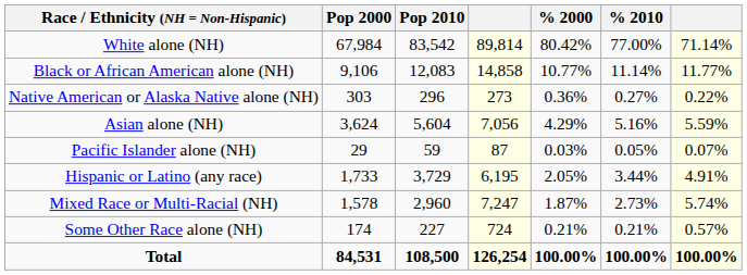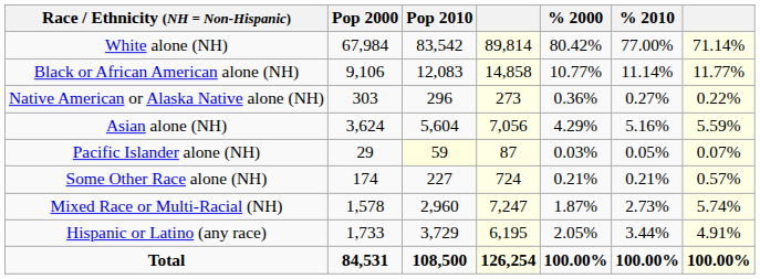 <table class="wikitable" style="text-align:center;">
 <tr>
 <th>Race / Ethnicity <small>(<em>NH = Non-Hispanic</em>)</small></th>
 <th>Pop 2000</th>
 <th>Pop 2010</th>
 <th></th>
 <th>% 2000</th>
 <th>% 2010</th>
 <th></th>
 </tr>
 <tr>
 <td><a href='#'>White</a> alone (NH)</td>
 <td>67,984</td>
 <td>83,542</td>
 <td style='background: #ffffe6;'>89,814</td>
 <td>80.42%</td>
 <td>77.00%</td>
 <td style='background: #ffffe6;'>71.14%</td>
 </tr>
 <tr>
 <td><a href='#'>Black or African American</a> alone (NH)</td>
 <td>9,106</td>
 <td>12,083</td>
 <td style='background: #ffffe6;'>14,858</td>
 <td>10.77%</td>
 <td>11.14%</td>
 <td style='background: #ffffe6;'>11.77%</td>
 </tr>
 <tr>
 <td><a href='#'>Native American</a> or <a href='#'>Alaska Native</a> alone (NH)</td>
 <td>303</td>
 <td>296</td>
 <td style='background: #ffffe6;'>273</td>
 <td>0.36%</td>
 <td>0.27%</td>
 <td style='background: #ffffe6;'>0.22%</td>
 </tr>
 <tr>
 <td><a href='#'>Asian</a> alone (NH)</td>
 <td>3,624</td>
 <td>5,604</td>
 <td style='background: #ffffe6;'>7,056</td>
 <td>4.29%</td>
 <td>5.16%</td>
 <td style='background: #ffffe6;'>5.59%</td>
 </tr>
 <tr>
 <td><a href='#'>Pacific Islander</a> alone (NH)</td>
 <td>29</td>
-<td>59</td>
+<td style="background: lightyellow;">59</td>
 <td style='background: #ffffe6;'>87</td>
 <td>0.03%</td>
 <td>0.05%</td>
 <td style='background: #ffffe6;'>0.07%</td>
+</tr>
+<tr>
+<td><a href='#'>Some Other Race</a> alone (NH)</td>
+<td>174</td>
+<td>227</td>
+<td style='background: #ffffe6;'>724</td>
+<td>0.21%</td>
+<td>0.21%</td>
+<td style='background: #ffffe6;'>0.57%</td>
+</tr>
+<tr>
+<td><a href='#'>Mixed Race or Multi-Racial</a> (NH)</td>
+<td>1,578</td>
+<td>2,960</td>
+<td style='background: #ffffe6;'>7,247</td>
+<td>1.87%</td>
+<td>2.73%</td>
+<td style='background: #ffffe6;'>5.74%</td>
 </tr>
 <tr>
 <td><a href='#'>Hispanic or Latino</a> (any race)</td>
 <td>1,733</td>
 <td>3,729</td>
 <td style='background: #ffffe6;'>6,195</td>
 <td>2.05%</td>
 <td>3.44%</td>
 <td style='background: #ffffe6;'>4.91%</td>
 </tr>
 <tr>
-<td><a href='#'>Mixed Race or Multi-Racial</a> (NH)</td>
-<td>1,578</td>
-<td>2,960</td>
-<td style='background: #ffffe6;'>7,247</td>
-<td>1.87%</td>
-<td>2.73%</td>
-<td style='background: #ffffe6;'>5.74%</td>
-</tr>
-<tr>
-<td><a href='#'>Some Other Race</a> alone (NH)</td>
-<td>174</td>
-<td>227</td>
-<td style='background: #ffffe6;'>724</td>
-<td>0.21%</td>
-<td>0.21%</td>
-<td style='background: #ffffe6;'>0.57%</td>
-</tr>
-<tr>
 <td><strong>Total</strong></td>
 <td><strong>84,531</strong></td>
 <td><strong>108,500</strong></td>
 <td style='background: #ffffe6;'><strong>126,254</strong></td>
 <td><strong>100.00%</strong></td>
 <td><strong>100.00%</strong></td>
 <td style='background: #ffffe6;'><strong>100.00%</strong></td>
 </tr>
 </table>
